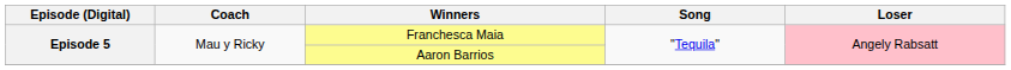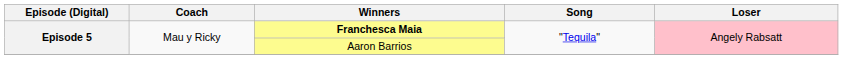 <table class="wikitable" style="text-align: center; width:100%;">
 <tr>
 <th rowspan="1" style="width:15%;">Episode (Digital)</th>
 <th rowspan="1" style="width:15%;">Coach</th>
 <th rowspan="1" style="width:30%;">Winners</th>
 <th rowspan="1" style="width:18%;">Song</th>
 <th rowspan="1" style="width:30%;">Loser</th>
 </tr>
 <tr>
 <th rowspan="2">Episode 5<br><small></small></th>
 <td rowspan="2">Mau y Ricky</td>
-<td style="background:#fdfc8f;">Franchesca Maia</td>
+<td style="background:#fdfc8f;"><strong>Franchesca Maia</strong></td>
 <td rowspan="2">"<a href='#'>Tequila</a>"</td>
 <td rowspan="2" style="background:pink;">Angely Rabsatt</td>
 </tr>
 <tr>
 <td style="background:#fdfc8f;">Aaron Barrios</td>
 </tr>
 <tr>
 </tr>
 </table>
